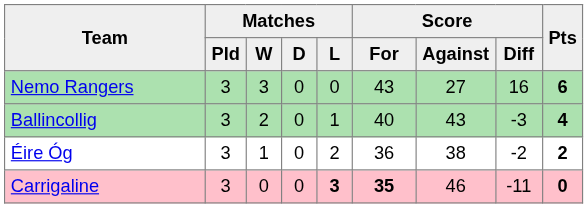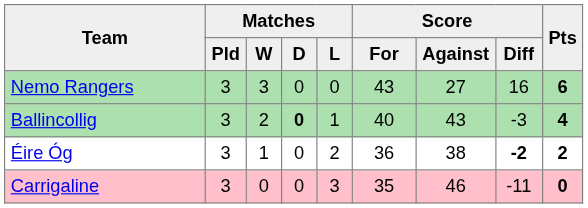 <table style=border-collapse:collapse border=1 cellspacing=0 cellpadding=5>
 <tr align=center bgcolor=#efefef>
 <th rowspan=2 width=165>Team</th>
 <th colspan=4>Matches</th>
 <th colspan=3>Score</th>
 <th rowspan=2width=20>Pts</th>
 </tr>
 <tr align=center bgcolor=#efefef>
 <th width=20>Pld</th>
 <th width=20>W</th>
 <th width=20>D</th>
 <th width=20>L</th>
 <th width=45>For</th>
 <th width=45>Against</th>
 <th width=30>Diff</th>
 </tr>
 <tr align=center style="background:#ACE1AF;">
 <td style="text-align:left;"><a href='#'>Nemo Rangers</a></td>
 <td>3</td>
 <td>3</td>
 <td>0</td>
 <td>0</td>
 <td>43</td>
 <td>27</td>
 <td>16</td>
 <td><strong>6</strong></td>
 </tr>
 <tr align=center style="background:#ACE1AF;">
 <td style="text-align:left;"><a href='#'>Ballincollig</a></td>
 <td>3</td>
 <td>2</td>
-<td>0</td>
+<td><strong>0</strong></td>
 <td>1</td>
 <td>40</td>
 <td>43</td>
 <td>-3</td>
 <td><strong>4</strong></td>
 </tr>
 <tr align=center>
 <td style="text-align:left;"><a href='#'>Éire Óg</a></td>
 <td>3</td>
 <td>1</td>
 <td>0</td>
 <td>2</td>
 <td>36</td>
 <td>38</td>
-<td>-2</td>
+<td><strong>-2</strong></td>
 <td><strong>2</strong></td>
 </tr>
 <tr align=center style="background:#FFC0CB;">
 <td style="text-align:left;"><a href='#'>Carrigaline</a></td>
 <td>3</td>
 <td>0</td>
 <td>0</td>
-<td><strong>3</strong></td>
-<td><strong>35</strong></td>
+<td>3</td>
+<td>35</td>
 <td>46</td>
 <td>-11</td>
 <td><strong>0</strong></td>
 </tr>
 </table>
